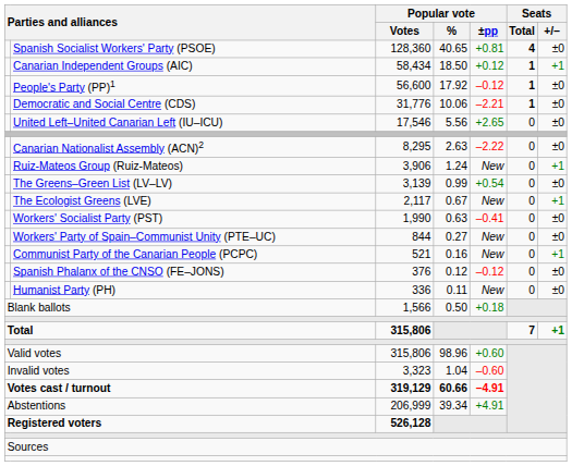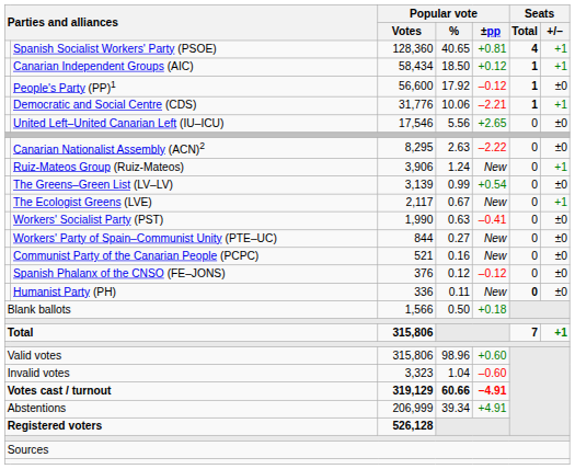 <table class="wikitable" style="text-align:right;">
 <tr>
 <th style="text-align:left;" rowspan="2" colspan="2" width="525">Parties and alliances</th>
 <th colspan="3">Popular vote</th>
 <th colspan="2">Seats</th>
 </tr>
 <tr>
 <th width="75">Votes</th>
 <th width="45">%</th>
 <th width="45">±<a href='#'>pp</a></th>
 <th width="35">Total</th>
 <th width="35">+/−</th>
 </tr>
 <tr>
 <td width="1" style="color:inherit;background:"></td>
 <td align="left"><a href='#'>Spanish Socialist Workers' Party</a> (PSOE)</td>
 <td>128,360</td>
 <td>40.65</td>
 <td style="color:green;">+0.81</td>
 <td><strong>4</strong></td>
-<td>±0</td>
+<td style="color:green;">+1</td>
 </tr>
 <tr>
 <td style="color:inherit;background:"></td>
 <td align="left"><a href='#'>Canarian Independent Groups</a> (AIC)</td>
 <td>58,434</td>
 <td>18.50</td>
 <td style="color:green;">+0.12</td>
 <td><strong>1</strong></td>
 <td style="color:green;">+1</td>
 </tr>
 <tr>
 <td style="color:inherit;background:"></td>
 <td align="left"><a href='#'>People's Party</a> (PP)<sup>1</sup></td>
 <td>56,600</td>
 <td>17.92</td>
 <td style="color:red;">–0.12</td>
 <td><strong>1</strong></td>
 <td>±0</td>
 </tr>
 <tr>
 <td style="color:inherit;background:"></td>
 <td align="left"><a href='#'>Democratic and Social Centre</a> (CDS)</td>
 <td>31,776</td>
 <td>10.06</td>
 <td style="color:red;">–2.21</td>
 <td><strong>1</strong></td>
-<td>±0</td>
+<td style="color:green;">+1</td>
 </tr>
 <tr>
 <td style="color:inherit;background:"></td>
 <td align="left"><a href='#'>United Left–United Canarian Left</a> (IU–ICU)</td>
 <td>17,546</td>
 <td>5.56</td>
 <td style="color:green;">+2.65</td>
 <td>0</td>
 <td>±0</td>
 </tr>
 <tr>
 <td colspan="7" bgcolor="#C0C0C0"></td>
 </tr>
 <tr>
 <td style="color:inherit;background:"></td>
 <td align="left"><a href='#'>Canarian Nationalist Assembly</a> (ACN)<sup>2</sup></td>
 <td>8,295</td>
 <td>2.63</td>
 <td style="color:red;">–2.22</td>
 <td>0</td>
 <td>±0</td>
 </tr>
 <tr>
 <td style="color:inherit;background:"></td>
 <td align="left"><a href='#'>Ruiz-Mateos Group</a> (Ruiz-Mateos)</td>
 <td>3,906</td>
 <td>1.24</td>
 <td><em>New</em></td>
 <td>0</td>
 <td style="color:green;">+1</td>
 </tr>
 <tr>
 <td style="color:inherit;background:"></td>
 <td align="left"><a href='#'>The Greens–Green List</a> (LV–LV)</td>
 <td>3,139</td>
 <td>0.99</td>
 <td style="color:green;">+0.54</td>
 <td>0</td>
 <td>±0</td>
 </tr>
 <tr>
 <td style="color:inherit;background:"></td>
 <td align="left"><a href='#'>The Ecologist Greens</a> (LVE)</td>
 <td>2,117</td>
 <td>0.67</td>
 <td><em>New</em></td>
 <td>0</td>
 <td style="color:green;">+1</td>
 </tr>
 <tr>
 <td style="color:inherit;background:"></td>
 <td align="left"><a href='#'>Workers' Socialist Party</a> (PST)</td>
 <td>1,990</td>
 <td>0.63</td>
 <td style="color:red;">–0.41</td>
 <td>0</td>
 <td>±0</td>
 </tr>
 <tr>
 <td style="color:inherit;background:"></td>
 <td align="left"><a href='#'>Workers' Party of Spain–Communist Unity</a> (PTE–UC)</td>
 <td>844</td>
 <td>0.27</td>
 <td><em>New</em></td>
 <td>0</td>
 <td>±0</td>
 </tr>
 <tr>
 <td style="color:inherit;background:"></td>
 <td align="left"><a href='#'>Communist Party of the Canarian People</a> (PCPC)</td>
 <td>521</td>
 <td>0.16</td>
 <td><em>New</em></td>
 <td>0</td>
-<td style="color:green;">+1</td>
+<td>±0</td>
 </tr>
 <tr>
 <td style="color:inherit;background:"></td>
 <td align="left"><a href='#'>Spanish Phalanx of the CNSO</a> (FE–JONS)</td>
 <td>376</td>
 <td>0.12</td>
 <td style="color:red;">–0.12</td>
 <td>0</td>
 <td>±0</td>
 </tr>
 <tr>
 <td style="color:inherit;background:"></td>
 <td align="left"><a href='#'>Humanist Party</a> (PH)</td>
 <td>336</td>
 <td>0.11</td>
 <td><em>New</em></td>
-<td>0</td>
+<td><strong>0</strong></td>
 <td>±0</td>
 </tr>
 <tr>
 <td align="left" colspan="2">Blank ballots</td>
 <td>1,566</td>
 <td>0.50</td>
 <td style="color:green;">+0.18</td>
 <td bgcolor="#E9E9E9" colspan="2"></td>
 </tr>
 <tr>
 <td colspan="7" bgcolor="#E9E9E9"></td>
 </tr>
 <tr style="font-weight:bold;">
 <td align="left" colspan="2">Total</td>
 <td>315,806</td>
 <td bgcolor="#E9E9E9" colspan="2"></td>
 <td>7</td>
 <td style="color:green;">+1</td>
 </tr>
 <tr>
 <td colspan="7" bgcolor="#E9E9E9"></td>
 </tr>
 <tr>
 <td align="left" colspan="2">Valid votes</td>
 <td>315,806</td>
 <td>98.96</td>
 <td style="color:green;">+0.60</td>
 <td bgcolor="#E9E9E9" colspan="2" rowspan="5"></td>
 </tr>
 <tr>
 <td align="left" colspan="2">Invalid votes</td>
 <td>3,323</td>
 <td>1.04</td>
 <td style="color:red;">–0.60</td>
 </tr>
 <tr style="font-weight:bold;">
 <td align="left" colspan="2">Votes cast / turnout</td>
 <td>319,129</td>
 <td>60.66</td>
 <td style="color:red;">–4.91</td>
 </tr>
 <tr>
 <td align="left" colspan="2">Abstentions</td>
 <td>206,999</td>
 <td>39.34</td>
 <td style="color:green;">+4.91</td>
 </tr>
 <tr style="font-weight:bold;">
 <td align="left" colspan="2">Registered voters</td>
 <td>526,128</td>
 <td bgcolor="#E9E9E9" colspan="2"></td>
 </tr>
 <tr>
 <td colspan="7" bgcolor="#E9E9E9"></td>
 </tr>
 <tr>
 <td align="left" colspan="7">Sources</td>
 </tr>
 <tr>
 <td colspan="7" style="text-align:left; max-width:790px;"></td>
 </tr>
 </table>
